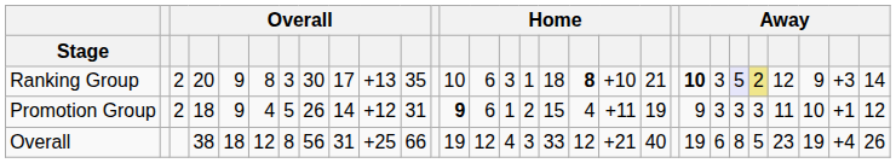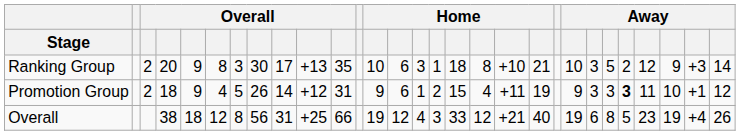 <table class="wikitable" style="text-align: right;">
 <tr>
 <th rawspan=2></th>
 <th rawspan=2></th>
 <th colspan=9>Overall</th>
 <th rawspan=1></th>
 <th colspan=8>Home</th>
 <th rawspan=1></th>
 <th colspan=8>Away</th>
 </tr>
 <tr>
 <th>Stage</th>
 <th></th>
 <th></th>
 <th></th>
 <th></th>
 <th></th>
 <th></th>
 <th></th>
 <th></th>
 <th></th>
 <th></th>
 <th></th>
 <th></th>
 <th></th>
 <th></th>
 <th></th>
 <th></th>
 <th></th>
 <th></th>
 <th></th>
 <th></th>
 <th></th>
 <th></th>
 <th></th>
 <th></th>
 <th></th>
 <th></th>
 <th></th>
 <th></th>
 </tr>
 <tr>
 <td align="left">Ranking Group</td>
 <td></td>
 <td>2</td>
 <td>20</td>
 <td>9</td>
 <td>8</td>
 <td>3</td>
 <td>30</td>
 <td>17</td>
 <td>+13</td>
 <td>35</td>
 <td></td>
 <td>10</td>
 <td>6</td>
 <td>3</td>
 <td>1</td>
 <td>18</td>
-<td><strong>8</strong></td>
+<td>8</td>
 <td>+10</td>
 <td>21</td>
 <td></td>
-<td><strong>10</strong></td>
+<td>10</td>
 <td>3</td>
-<td style="background: lavender;">5</td>
-<td style="background: khaki;">2</td>
+<td>5</td>
+<td>2</td>
 <td>12</td>
 <td>9</td>
 <td>+3</td>
 <td>14</td>
 </tr>
 <tr>
 <td align="left">Promotion Group</td>
 <td></td>
 <td>2</td>
 <td>18</td>
 <td>9</td>
 <td>4</td>
 <td>5</td>
 <td>26</td>
 <td>14</td>
 <td>+12</td>
 <td>31</td>
 <td></td>
-<td><strong>9</strong></td>
+<td>9</td>
 <td>6</td>
 <td>1</td>
 <td>2</td>
 <td>15</td>
 <td>4</td>
 <td>+11</td>
 <td>19</td>
 <td></td>
 <td>9</td>
 <td>3</td>
 <td>3</td>
-<td>3</td>
+<td><strong>3</strong></td>
 <td>11</td>
 <td>10</td>
 <td>+1</td>
 <td>12</td>
 </tr>
 <tr>
 <td align="left">Overall</td>
 <td></td>
 <td></td>
 <td>38</td>
 <td>18</td>
 <td>12</td>
 <td>8</td>
 <td>56</td>
 <td>31</td>
 <td>+25</td>
 <td>66</td>
 <td></td>
 <td>19</td>
 <td>12</td>
 <td>4</td>
 <td>3</td>
 <td>33</td>
 <td>12</td>
 <td>+21</td>
 <td>40</td>
 <td></td>
 <td>19</td>
 <td>6</td>
 <td>8</td>
 <td>5</td>
 <td>23</td>
 <td>19</td>
 <td>+4</td>
 <td>26</td>
 </tr>
 </table>
